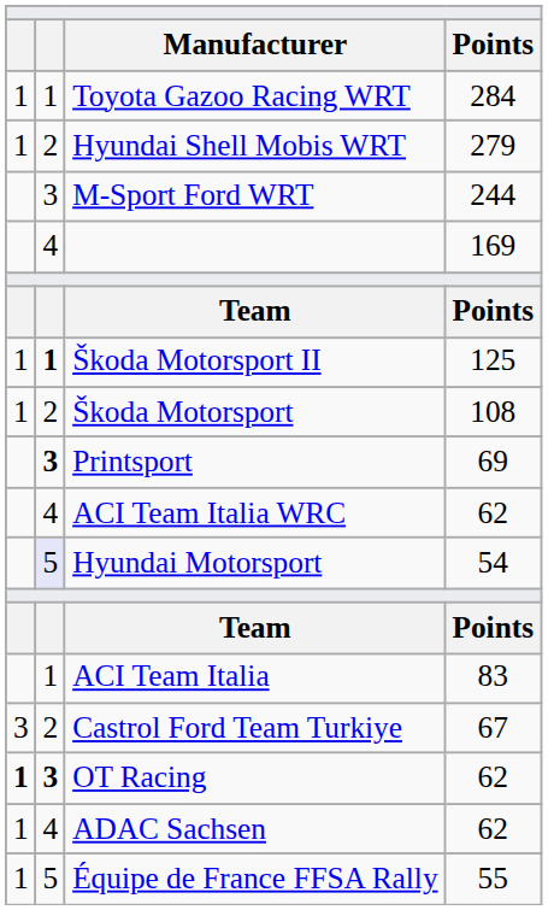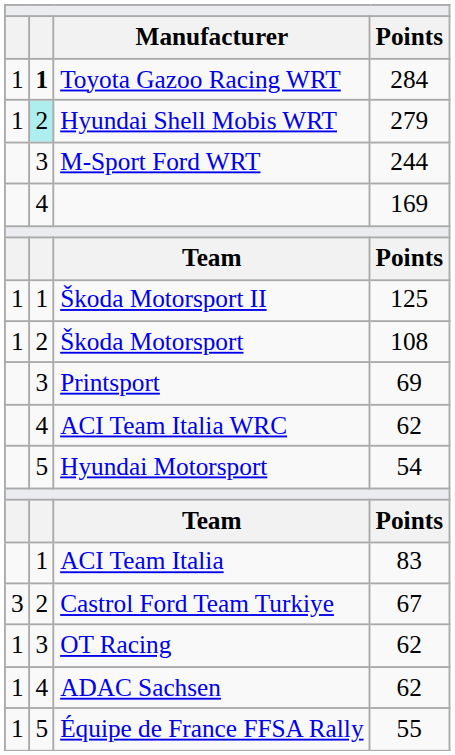 <table class="wikitable" style="font-size: 85%;">
 <tr>
 <td style="background-color:#EAECF0; text-align:center" colspan="4"></td>
 </tr>
 <tr>
 <th></th>
 <th></th>
 <th>Manufacturer</th>
 <th>Points</th>
 </tr>
 <tr>
 <td align="left"> 1</td>
-<td align="center">1</td>
+<td align="center"><strong>1</strong></td>
 <td> <a href='#'>Toyota Gazoo Racing WRT</a></td>
 <td align="center">284</td>
 </tr>
 <tr>
 <td align="left"> 1</td>
-<td align="center">2</td>
+<td align="center" style="background: paleturquoise;">2</td>
 <td> <a href='#'>Hyundai Shell Mobis WRT</a></td>
 <td align="center">279</td>
 </tr>
 <tr>
 <td align="left"></td>
 <td align="center">3</td>
 <td> <a href='#'>M-Sport Ford WRT</a></td>
 <td align="center">244</td>
 </tr>
 <tr>
 <td align="left"></td>
 <td align="center">4</td>
 <td></td>
 <td align="center">169</td>
 </tr>
 <tr>
 <td style="background-color:#EAECF0; text-align:center" colspan="4"></td>
 </tr>
 <tr>
 <th></th>
 <th></th>
 <th>Team</th>
 <th>Points</th>
 </tr>
 <tr>
 <td align="left"> 1</td>
-<td align="center"><strong>1</strong></td>
+<td align="center">1</td>
 <td> <a href='#'>Škoda Motorsport II</a></td>
 <td align="center">125</td>
 </tr>
 <tr>
 <td align="left"> 1</td>
 <td align="center">2</td>
 <td> <a href='#'>Škoda Motorsport</a></td>
 <td align="center">108</td>
 </tr>
 <tr>
 <td align="left"></td>
-<td align="center"><strong>3</strong></td>
+<td align="center">3</td>
 <td> <a href='#'>Printsport</a></td>
 <td align="center">69</td>
 </tr>
 <tr>
 <td align="left"></td>
 <td align="center">4</td>
 <td> <a href='#'>ACI Team Italia WRC</a></td>
 <td align="center">62</td>
 </tr>
 <tr>
 <td align="left"></td>
-<td align="center" style="background: lavender;">5</td>
+<td align="center">5</td>
 <td> <a href='#'>Hyundai Motorsport</a></td>
 <td align="center">54</td>
 </tr>
 <tr>
 <td style="background-color:#EAECF0; text-align:center" colspan="4"></td>
 </tr>
 <tr>
 <th></th>
 <th></th>
 <th>Team</th>
 <th>Points</th>
 </tr>
 <tr>
 <td align="left"></td>
 <td align="center">1</td>
 <td> <a href='#'>ACI Team Italia</a></td>
 <td align="center">83</td>
 </tr>
 <tr>
 <td align="left"> 3</td>
 <td align="center">2</td>
 <td> <a href='#'>Castrol Ford Team Turkiye</a></td>
 <td align="center">67</td>
 </tr>
 <tr>
-<td align="left"><strong> 1</strong></td>
-<td align="center"><strong>3</strong></td>
+<td align="left"> 1</td>
+<td align="center">3</td>
 <td> <a href='#'>OT Racing</a></td>
 <td align="center">62</td>
 </tr>
 <tr>
 <td align="left"> 1</td>
 <td align="center">4</td>
 <td> <a href='#'>ADAC Sachsen</a></td>
 <td align="center">62</td>
 </tr>
 <tr>
 <td align="left"> 1</td>
 <td align="center">5</td>
 <td> <a href='#'>Équipe de France FFSA Rally</a></td>
 <td align="center">55</td>
 </tr>
 </table>
